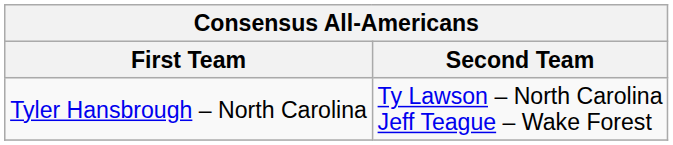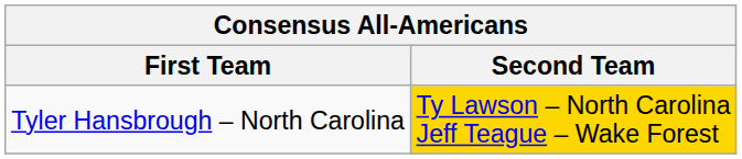 <table class="wikitable" style="font-size: 95%">
 <tr>
 <th Colspan=2>Consensus All-Americans</th>
 </tr>
 <tr>
 <th>First Team</th>
 <th>Second Team</th>
 </tr>
 <tr>
 <td><a href='#'>Tyler Hansbrough</a> – North Carolina</td>
-<td><a href='#'>Ty Lawson</a> – North Carolina<br><a href='#'>Jeff Teague</a> – Wake Forest</td>
+<td style="background: gold;"><a href='#'>Ty Lawson</a> – North Carolina<br><a href='#'>Jeff Teague</a> – Wake Forest</td>
 </tr>
 </table>
